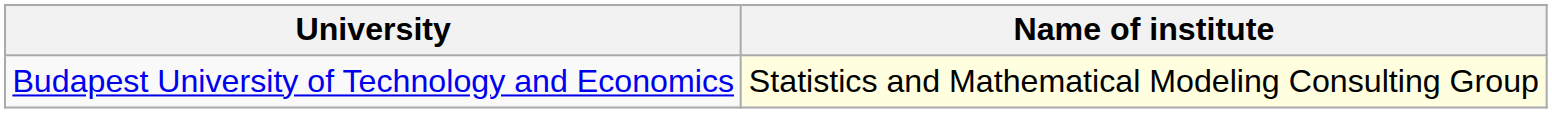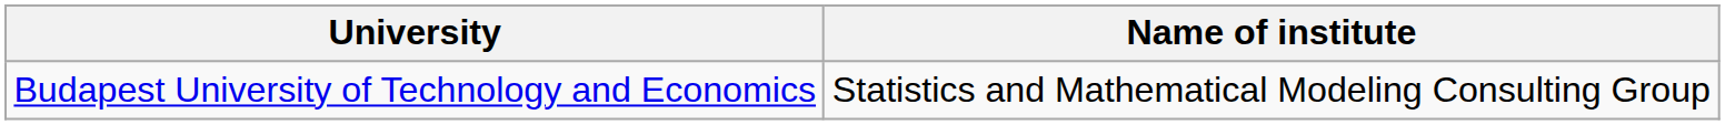 <table class="wikitable">
 <tr>
 <th>University</th>
 <th>Name of institute</th>
 </tr>
 <tr>
 <td><a href='#'>Budapest University of Technology and Economics</a></td>
-<td style="background: lightyellow;">Statistics and Mathematical Modeling Consulting Group </td>
+<td>Statistics and Mathematical Modeling Consulting Group </td>
 </tr>
 </table>
